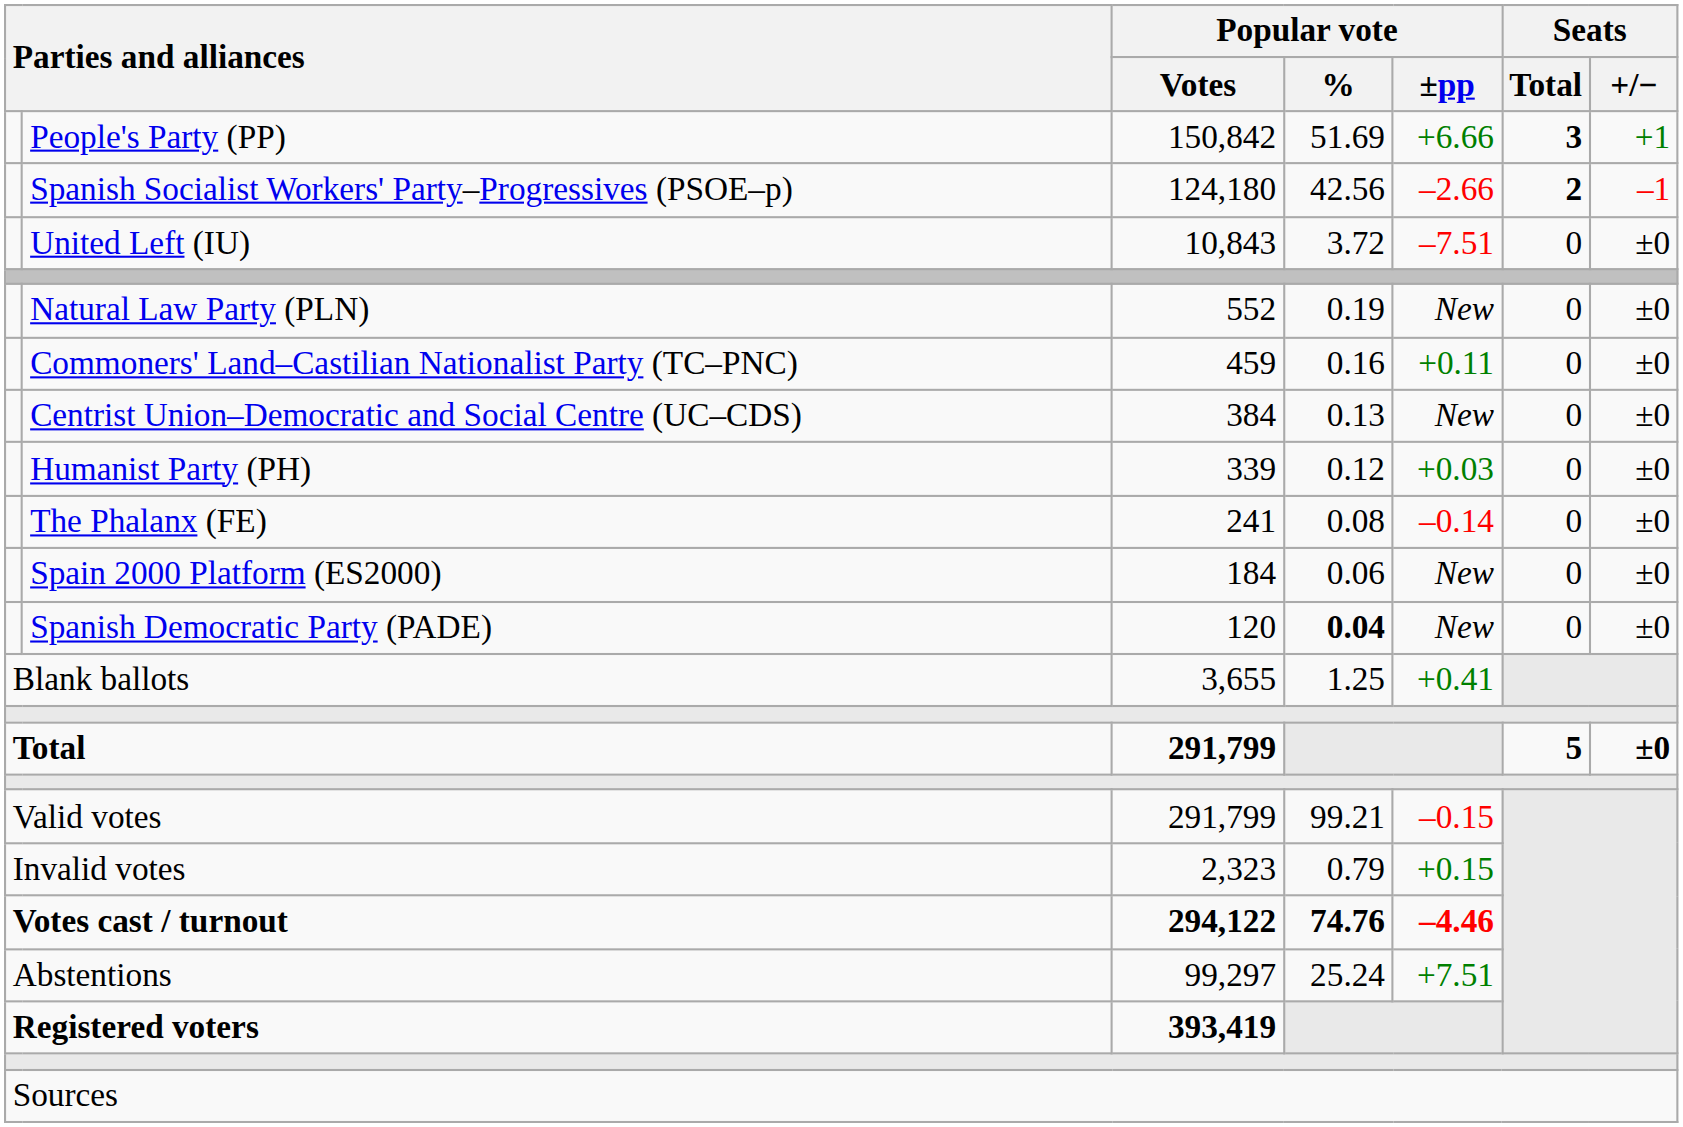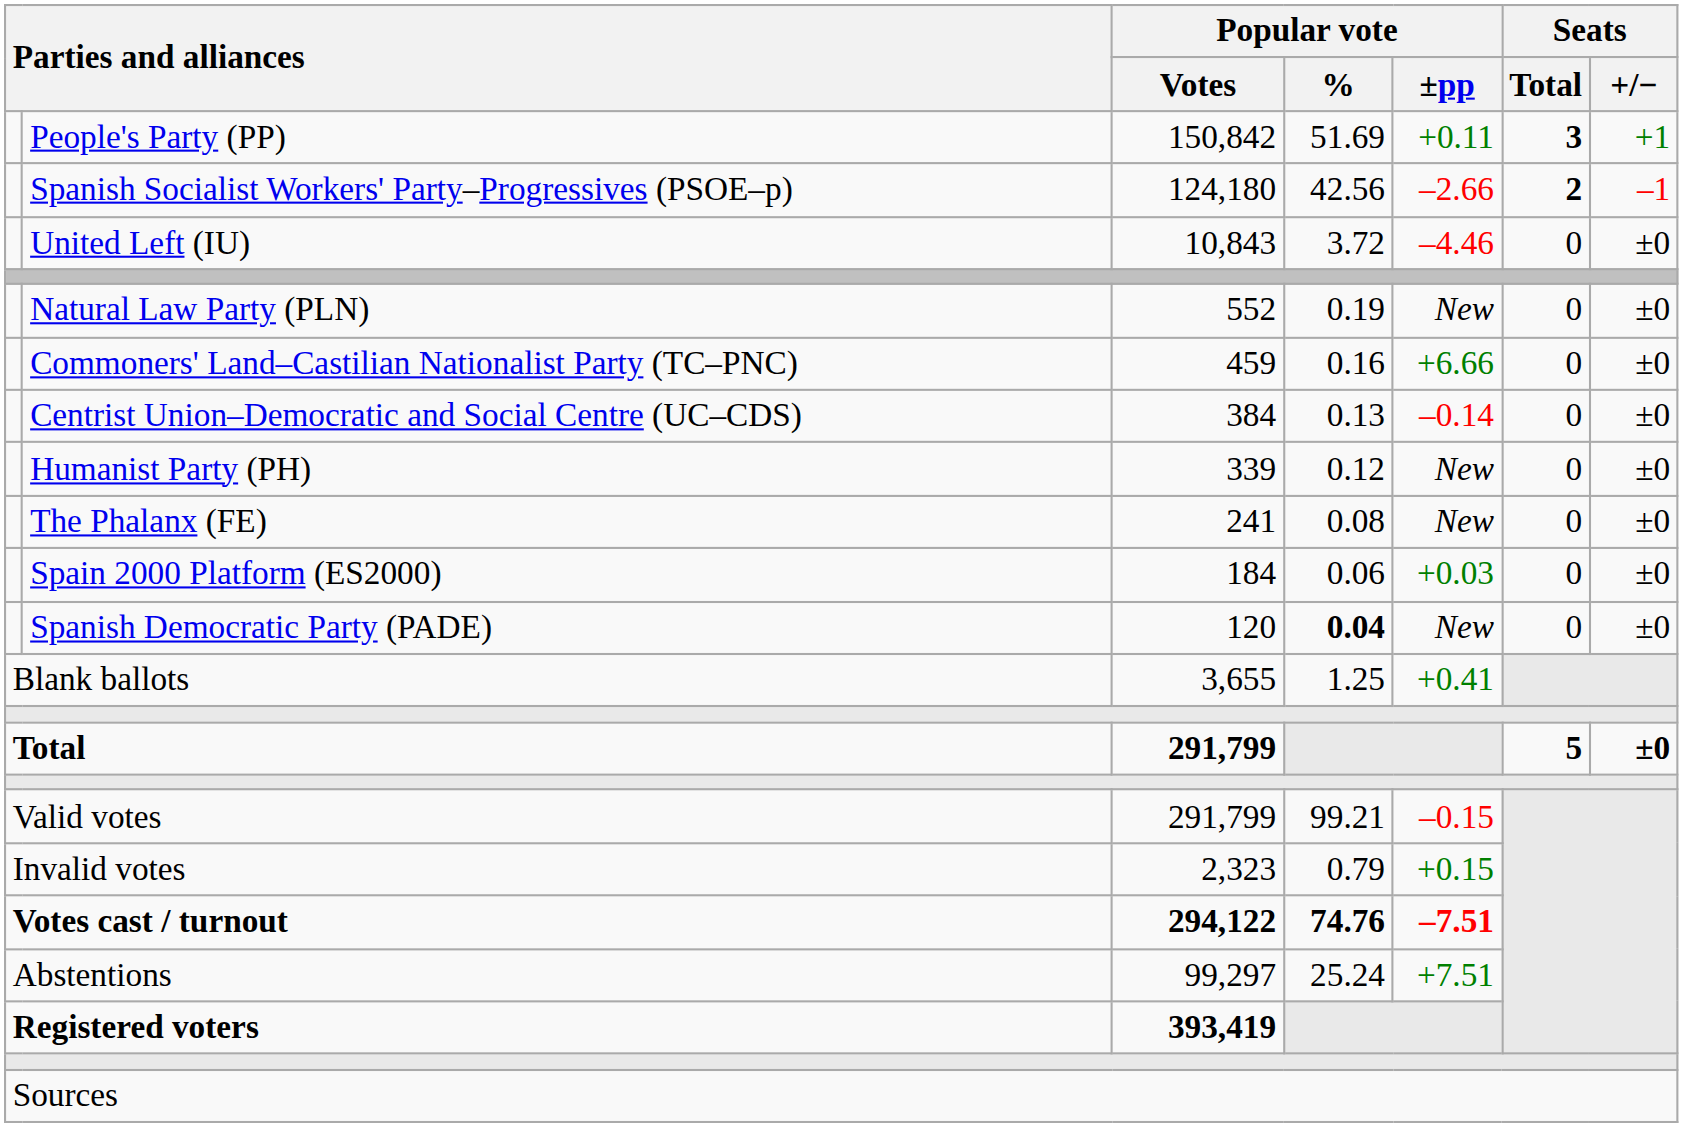 <table class="wikitable" style="text-align:right;">
 <tr>
 <th style="text-align:left;" rowspan="2" colspan="2" width="525">Parties and alliances</th>
 <th colspan="3">Popular vote</th>
 <th colspan="2">Seats</th>
 </tr>
 <tr>
 <th width="75">Votes</th>
 <th width="45">%</th>
 <th width="45">±<a href='#'>pp</a></th>
 <th width="35">Total</th>
 <th width="35">+/−</th>
 </tr>
 <tr>
 <td width="1" style="color:inherit;background:"></td>
 <td align="left"><a href='#'>People's Party</a> (PP)</td>
 <td>150,842</td>
 <td>51.69</td>
-<td style="color:green;">+6.66</td>
+<td style="color:green;">+0.11</td>
 <td><strong>3</strong></td>
 <td style="color:green;">+1</td>
 </tr>
 <tr>
 <td style="color:inherit;background:"></td>
 <td align="left"><a href='#'>Spanish Socialist Workers' Party</a>–<a href='#'>Progressives</a> (PSOE–p)</td>
 <td>124,180</td>
 <td>42.56</td>
 <td style="color:red;">–2.66</td>
 <td><strong>2</strong></td>
 <td style="color:red;">–1</td>
 </tr>
 <tr>
 <td style="color:inherit;background:"></td>
 <td align="left"><a href='#'>United Left</a> (IU)</td>
 <td>10,843</td>
 <td>3.72</td>
-<td style="color:red;">–7.51</td>
+<td style="color:red;">–4.46</td>
 <td>0</td>
 <td>±0</td>
 </tr>
 <tr>
 <td colspan="7" bgcolor="#C0C0C0"></td>
 </tr>
 <tr>
 <td style="color:inherit;background:"></td>
 <td align="left"><a href='#'>Natural Law Party</a> (PLN)</td>
 <td>552</td>
 <td>0.19</td>
 <td><em>New</em></td>
 <td>0</td>
 <td>±0</td>
 </tr>
 <tr>
 <td style="color:inherit;background:"></td>
 <td align="left"><a href='#'>Commoners' Land–Castilian Nationalist Party</a> (TC–PNC)</td>
 <td>459</td>
 <td>0.16</td>
-<td style="color:green;">+0.11</td>
+<td style="color:green;">+6.66</td>
 <td>0</td>
 <td>±0</td>
 </tr>
 <tr>
 <td style="color:inherit;background:"></td>
 <td align="left"><a href='#'>Centrist Union–Democratic and Social Centre</a> (UC–CDS)</td>
 <td>384</td>
 <td>0.13</td>
-<td><em>New</em></td>
+<td style="color:red;">–0.14</td>
 <td>0</td>
 <td>±0</td>
 </tr>
 <tr>
 <td style="color:inherit;background:"></td>
 <td align="left"><a href='#'>Humanist Party</a> (PH)</td>
 <td>339</td>
 <td>0.12</td>
-<td style="color:green;">+0.03</td>
+<td><em>New</em></td>
 <td>0</td>
 <td>±0</td>
 </tr>
 <tr>
 <td style="color:inherit;background:"></td>
 <td align="left"><a href='#'>The Phalanx</a> (FE)</td>
 <td>241</td>
 <td>0.08</td>
-<td style="color:red;">–0.14</td>
+<td><em>New</em></td>
 <td>0</td>
 <td>±0</td>
 </tr>
 <tr>
 <td style="color:inherit;background:"></td>
 <td align="left"><a href='#'>Spain 2000 Platform</a> (ES2000)</td>
 <td>184</td>
 <td>0.06</td>
-<td><em>New</em></td>
+<td style="color:green;">+0.03</td>
 <td>0</td>
 <td>±0</td>
 </tr>
 <tr>
 <td style="color:inherit;background:"></td>
 <td align="left"><a href='#'>Spanish Democratic Party</a> (PADE)</td>
 <td>120</td>
 <td><strong>0.04</strong></td>
 <td><em>New</em></td>
 <td>0</td>
 <td>±0</td>
 </tr>
 <tr>
 <td align="left" colspan="2">Blank ballots</td>
 <td>3,655</td>
 <td>1.25</td>
 <td style="color:green;">+0.41</td>
 <td bgcolor="#E9E9E9" colspan="2"></td>
 </tr>
 <tr>
 <td colspan="7" bgcolor="#E9E9E9"></td>
 </tr>
 <tr style="font-weight:bold;">
 <td align="left" colspan="2">Total</td>
 <td>291,799</td>
 <td bgcolor="#E9E9E9" colspan="2"></td>
 <td>5</td>
 <td>±0</td>
 </tr>
 <tr>
 <td colspan="7" bgcolor="#E9E9E9"></td>
 </tr>
 <tr>
 <td align="left" colspan="2">Valid votes</td>
 <td>291,799</td>
 <td>99.21</td>
 <td style="color:red;">–0.15</td>
 <td bgcolor="#E9E9E9" colspan="2" rowspan="5"></td>
 </tr>
 <tr>
 <td align="left" colspan="2">Invalid votes</td>
 <td>2,323</td>
 <td>0.79</td>
 <td style="color:green;">+0.15</td>
 </tr>
 <tr style="font-weight:bold;">
 <td align="left" colspan="2">Votes cast / turnout</td>
 <td>294,122</td>
 <td>74.76</td>
-<td style="color:red;">–4.46</td>
+<td style="color:red;">–7.51</td>
 </tr>
 <tr>
 <td align="left" colspan="2">Abstentions</td>
 <td>99,297</td>
 <td>25.24</td>
 <td style="color:green;">+7.51</td>
 </tr>
 <tr style="font-weight:bold;">
 <td align="left" colspan="2">Registered voters</td>
 <td>393,419</td>
 <td bgcolor="#E9E9E9" colspan="2"></td>
 </tr>
 <tr>
 <td colspan="7" bgcolor="#E9E9E9"></td>
 </tr>
 <tr>
 <td align="left" colspan="7">Sources</td>
 </tr>
 </table>
